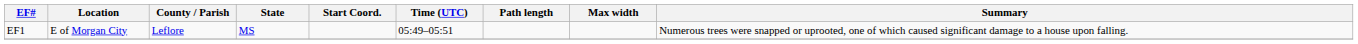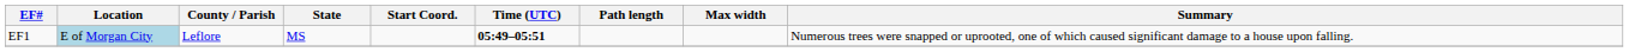 <table class="wikitable sortable" style="width:100%;">
 <tr>
 <th scope="col"  style="width:3%; text-align:center;"><a href='#'>EF#</a></th>
 <th scope="col"  style="width:7%; text-align:center;" class="unsortable">Location</th>
 <th scope="col"  style="width:6%; text-align:center;" class="unsortable">County / Parish</th>
 <th scope="col"  style="width:5%; text-align:center;">State</th>
 <th scope="col"  style="width:6%; text-align:center;">Start Coord.</th>
 <th scope="col"  style="width:6%; text-align:center;">Time (<a href='#'>UTC</a>)</th>
 <th scope="col"  style="width:6%; text-align:center;">Path length</th>
 <th scope="col"  style="width:6%; text-align:center;">Max width</th>
 <th scope="col" class="unsortable" style="width:48%; text-align:center;">Summary</th>
 </tr>
 <tr>
 <td>EF1</td>
-<td>E of <a href='#'>Morgan City</a></td>
+<td style="background: lightblue;">E of <a href='#'>Morgan City</a></td>
 <td><a href='#'>Leflore</a></td>
 <td><a href='#'>MS</a></td>
 <td></td>
-<td>05:49–05:51</td>
+<td><strong>05:49–05:51</strong></td>
 <td></td>
 <td></td>
 <td>Numerous trees were snapped or uprooted, one of which caused significant damage to a house upon falling.</td>
 </tr>
 <tr>
 </tr>
 </table>
